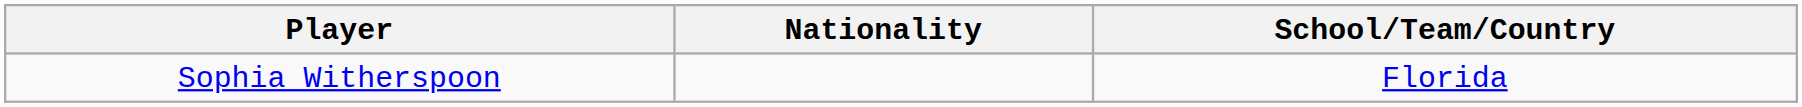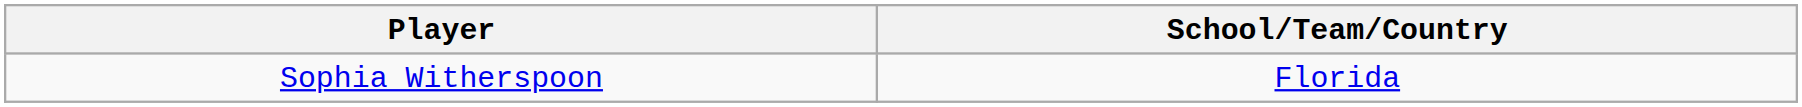 <table class="wikitable" style="text-align:center; width:60em">
 <tr>
 <th>Player</th>
-<th>Nationality</th>
 <th>School/Team/Country</th>
 </tr>
 <tr>
 <td><a href='#'>Sophia Witherspoon</a></td>
-<td></td>
 <td><a href='#'>Florida</a></td>
 </tr>
 </table>
